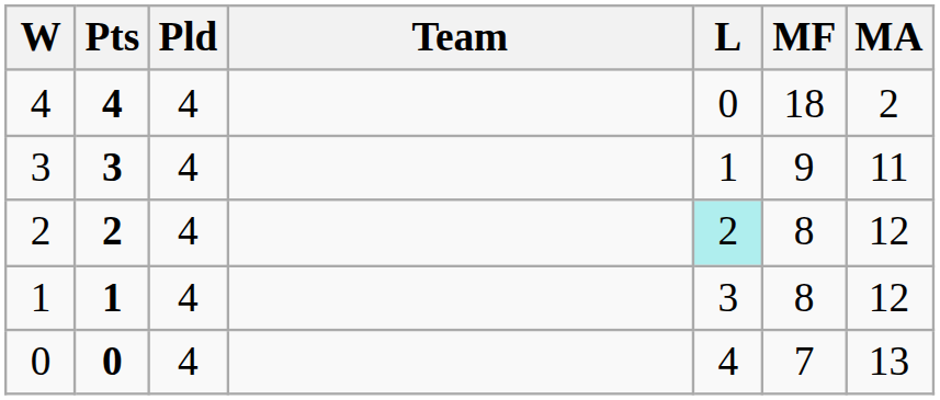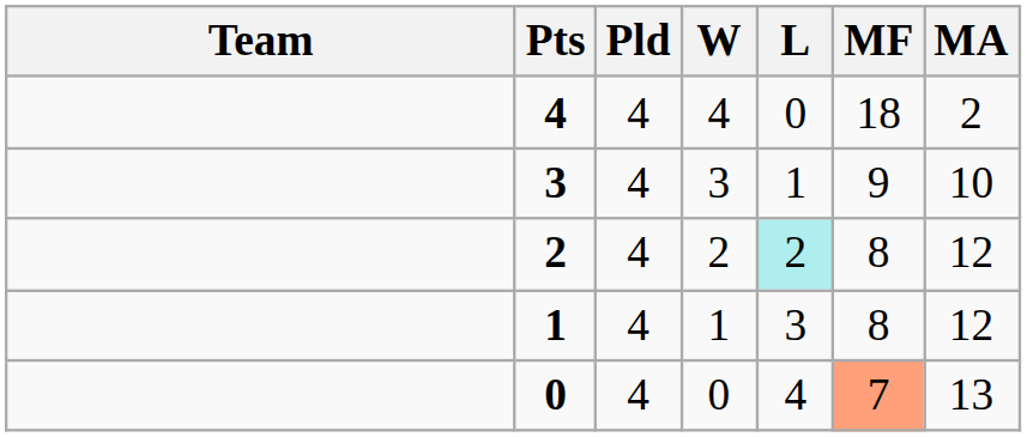 <table class=wikitable style="text-align:center">
 <tr>
-<th width=20>W</th>
+<th width=175>Team</th>
 <th width=20>Pts</th>
 <th width=20>Pld</th>
-<th width=175>Team</th>
+<th width=20>W</th>
 <th width=20>L</th>
 <th width=20>MF</th>
 <th width=20>MA</th>
 </tr>
 <tr>
-<td>4</td>
+<td style="text-align:left"></td>
 <td><strong>4</strong></td>
 <td>4</td>
-<td style="text-align:left"></td>
+<td>4</td>
 <td>0</td>
 <td>18</td>
 <td>2</td>
 </tr>
 <tr>
-<td>3</td>
+<td style="text-align:left"></td>
 <td><strong>3</strong></td>
 <td>4</td>
-<td style="text-align:left"></td>
+<td>3</td>
 <td>1</td>
 <td>9</td>
-<td>11</td>
+<td>10</td>
 </tr>
 <tr>
-<td>2</td>
+<td style="text-align:left"></td>
 <td><strong>2</strong></td>
 <td>4</td>
-<td style="text-align:left"></td>
+<td>2</td>
 <td style="background: paleturquoise;">2</td>
 <td>8</td>
 <td>12</td>
 </tr>
 <tr>
-<td>1</td>
+<td style="text-align:left"></td>
 <td><strong>1</strong></td>
 <td>4</td>
-<td style="text-align:left"></td>
+<td>1</td>
 <td>3</td>
 <td>8</td>
 <td>12</td>
 </tr>
 <tr>
-<td>0</td>
+<td style="text-align:left"></td>
 <td><strong>0</strong></td>
 <td>4</td>
-<td style="text-align:left"></td>
+<td>0</td>
 <td>4</td>
-<td>7</td>
+<td style="background: lightsalmon;">7</td>
 <td>13</td>
 </tr>
 </table>
